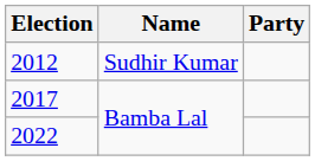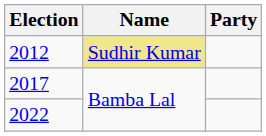 <table class="wikitable sortable">
 <tr>
 <th>Election</th>
 <th>Name</th>
 <th colspan=2>Party</th>
 </tr>
 <tr>
 <td><a href='#'>2012</a></td>
-<td><a href='#'>Sudhir Kumar</a></td>
+<td style="background: khaki;"><a href='#'>Sudhir Kumar</a></td>
 <td></td>
 </tr>
 <tr>
 <td><a href='#'>2017</a></td>
 <td rowspan=2><a href='#'>Bamba Lal</a></td>
 <td></td>
 </tr>
 <tr>
 <td><a href='#'>2022</a></td>
 </tr>
 </table>
